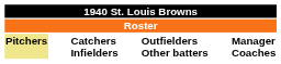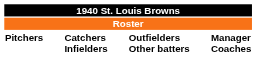 <table class="toccolours" style="font-size: 95%;">
 <tr>
 <th colspan="10" style="background-color: black; color: white; text-align: center;">1940 St. Louis Browns</th>
 </tr>
 <tr>
 <td colspan="10" style="background-color: #F87217; color: white; text-align: center;"><strong>Roster</strong></td>
 </tr>
 <tr>
-<td valign="top" style="background: khaki;"><strong>Pitchers</strong><br>             </td>
+<td valign="top"><strong>Pitchers</strong><br>             </td>
 <td width="25px"></td>
 <td valign="top"><strong>Catchers</strong><br>   <strong>Infielders</strong>       </td>
 <td width="25px"></td>
 <td valign="top"><strong>Outfielders</strong><br>       <strong>Other batters</strong> </td>
 <td width="25px"></td>
 <td valign="top"><strong>Manager</strong><br> <strong>Coaches</strong>  </td>
 </tr>
 <tr>
 </tr>
 </table>
